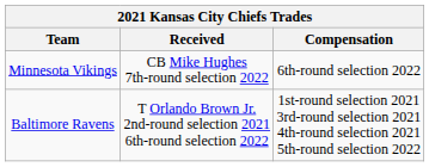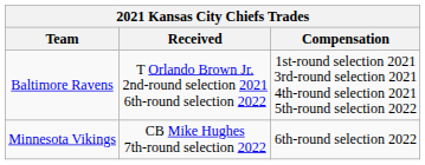 <table class="wikitable" style="text-align:center">
 <tr>
 <th colspan=3>2021 Kansas City Chiefs Trades</th>
 </tr>
 <tr>
 <th>Team</th>
 <th>Received</th>
 <th>Compensation</th>
 </tr>
 <tr>
+<td><a href='#'>Baltimore Ravens</a></td>
+<td>T <a href='#'>Orlando Brown Jr.</a><br>2nd-round selection <a href='#'>2021</a><br>6th-round selection <a href='#'>2022</a></td>
+<td>1st-round selection 2021<br>3rd-round selection 2021<br>4th-round selection 2021<br>5th-round selection 2022</td>
+</tr>
+<tr>
 <td><a href='#'>Minnesota Vikings</a></td>
 <td>CB <a href='#'>Mike Hughes</a><br>7th-round selection <a href='#'>2022</a></td>
 <td>6th-round selection 2022</td>
 </tr>
-<tr>
-<td><a href='#'>Baltimore Ravens</a></td>
-<td>T <a href='#'>Orlando Brown Jr.</a><br>2nd-round selection <a href='#'>2021</a><br>6th-round selection <a href='#'>2022</a></td>
-<td>1st-round selection 2021<br>3rd-round selection 2021<br>4th-round selection 2021<br>5th-round selection 2022</td>
-</tr>
 </table>
